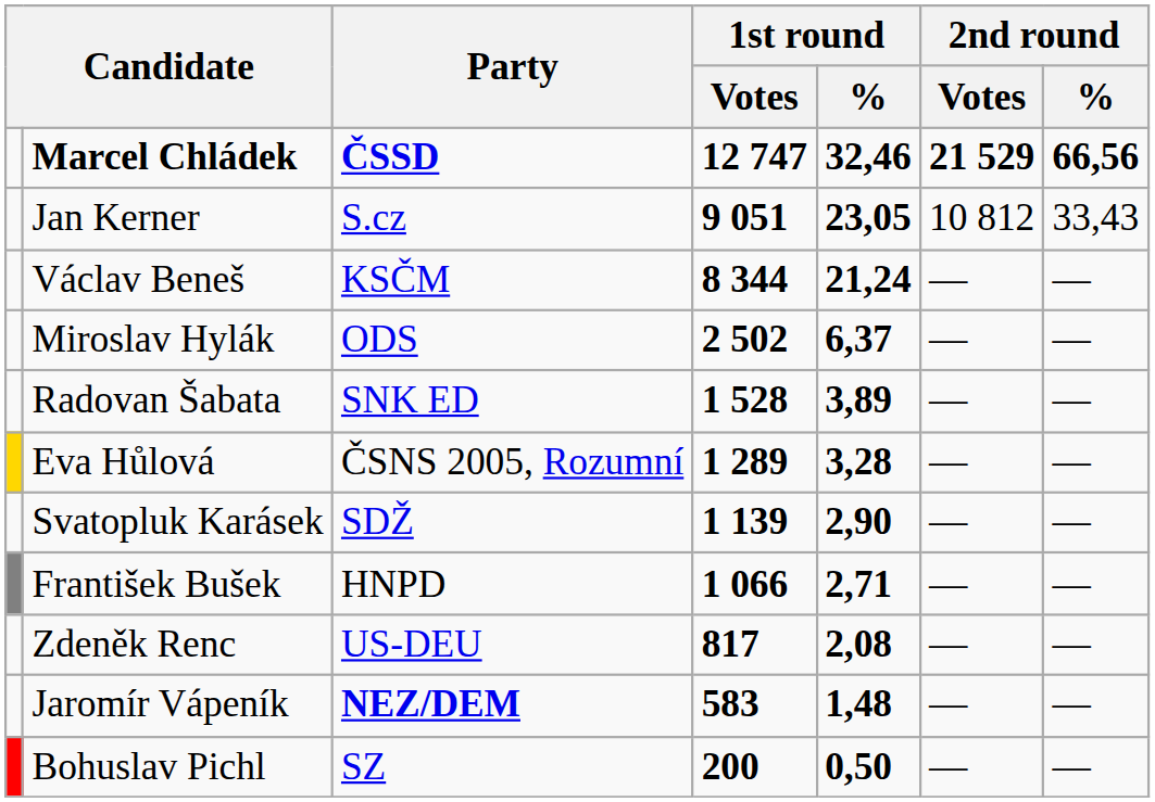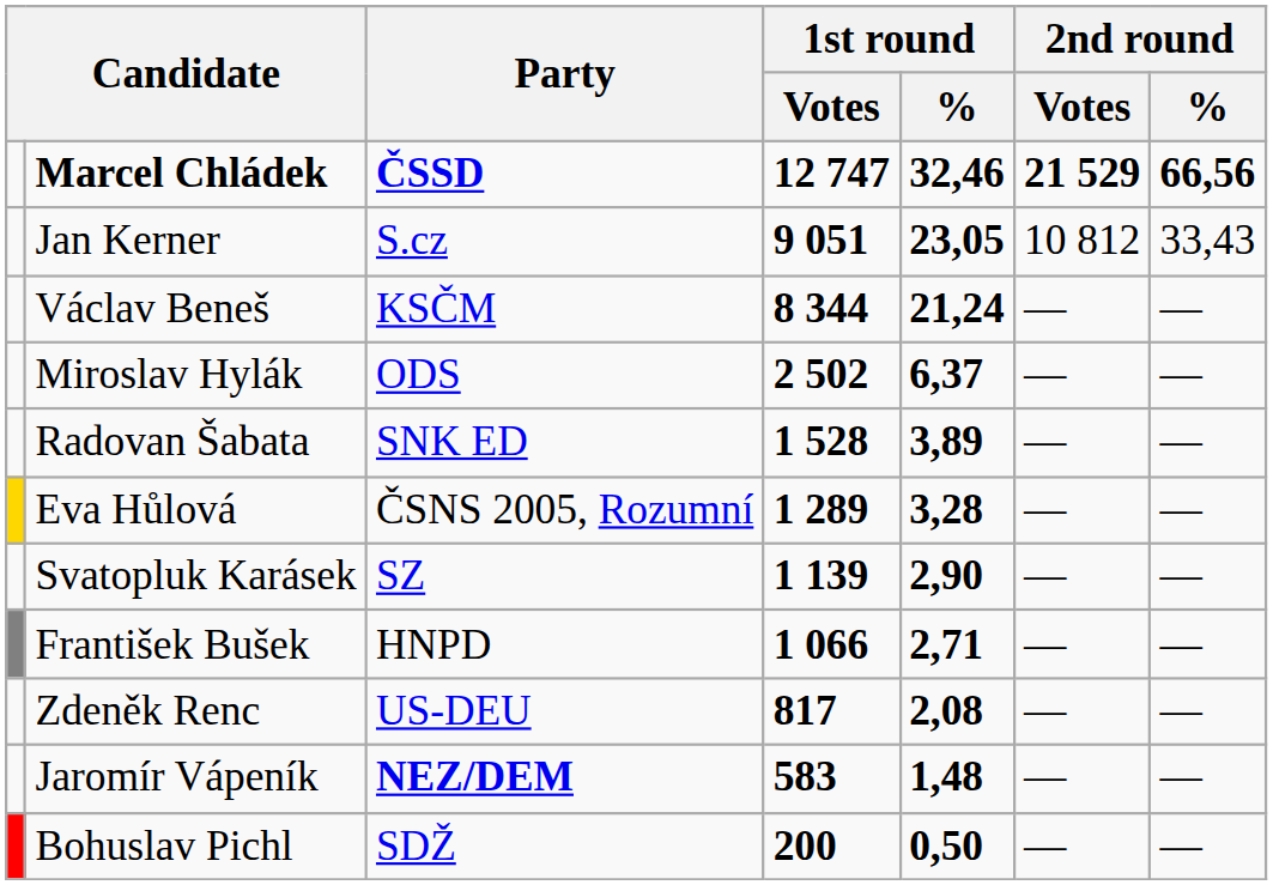 <table class="wikitable sortable">
 <tr>
 <th colspan="2" rowspan="2">Candidate</th>
 <th rowspan="2">Party</th>
 <th colspan="2">1st round</th>
 <th colspan="2">2nd round</th>
 </tr>
 <tr>
 <th>Votes</th>
 <th>%</th>
 <th>Votes</th>
 <th>%</th>
 </tr>
 <tr>
 <td style="background-color:"></td>
 <td><strong>Marcel Chládek</strong></td>
 <td><strong><a href='#'>ČSSD</a></strong></td>
 <td><strong>12 747</strong></td>
 <td><strong>32,46</strong></td>
 <td><strong>21 529</strong></td>
 <td><strong>66,56</strong></td>
 </tr>
 <tr>
 <td style="background-color:"></td>
 <td>Jan Kerner</td>
 <td><a href='#'>S.cz</a></td>
 <td><strong>9 051</strong></td>
 <td><strong>23,05</strong></td>
 <td>10 812</td>
 <td>33,43</td>
 </tr>
 <tr>
 <td style="background-color:"></td>
 <td>Václav Beneš</td>
 <td><a href='#'>KSČM</a></td>
 <td><strong>8 344</strong></td>
 <td><strong>21,24</strong></td>
 <td>—</td>
 <td>—</td>
 </tr>
 <tr>
 <td style="background-color:"></td>
 <td>Miroslav Hylák</td>
 <td><a href='#'>ODS</a></td>
 <td><strong>2 502</strong></td>
 <td><strong>6,37</strong></td>
 <td>—</td>
 <td>—</td>
 </tr>
 <tr>
 <td style="background-color:"></td>
 <td>Radovan Šabata</td>
 <td><a href='#'>SNK ED</a></td>
 <td><strong>1 528</strong></td>
 <td><strong>3,89</strong></td>
 <td>—</td>
 <td>—</td>
 </tr>
 <tr>
 <td style="background-color:gold"></td>
 <td>Eva Hůlová</td>
 <td>ČSNS 2005, <a href='#'>Rozumní</a></td>
 <td><strong>1 289</strong></td>
 <td><strong>3,28</strong></td>
 <td>—</td>
 <td>—</td>
 </tr>
 <tr>
 <td style="background-color:"></td>
 <td>Svatopluk Karásek</td>
-<td><a href='#'>SDŽ</a></td>
+<td><a href='#'>SZ</a></td>
 <td><strong>1 139</strong></td>
 <td><strong>2,90</strong></td>
 <td>—</td>
 <td>—</td>
 </tr>
 <tr>
 <td style="background-color:gray;"></td>
 <td>František Bušek</td>
 <td>HNPD</td>
 <td><strong>1 066</strong></td>
 <td><strong>2,71</strong></td>
 <td>—</td>
 <td>—</td>
 </tr>
 <tr>
 <td style="background-color:"></td>
 <td>Zdeněk Renc</td>
 <td><a href='#'>US-DEU</a></td>
 <td><strong>817</strong></td>
 <td><strong>2,08</strong></td>
 <td>—</td>
 <td>—</td>
 </tr>
 <tr>
 <td style="background-color:"></td>
 <td>Jaromír Vápeník</td>
 <td><strong><a href='#'>NEZ/DEM</a></strong></td>
 <td><strong>583</strong></td>
 <td><strong>1,48</strong></td>
 <td>—</td>
 <td>—</td>
 </tr>
 <tr>
 <td style="background-color:red"></td>
 <td>Bohuslav Pichl</td>
-<td><a href='#'>SZ</a></td>
+<td><a href='#'>SDŽ</a></td>
 <td><strong>200</strong></td>
 <td><strong>0,50</strong></td>
 <td>—</td>
 <td>—</td>
 </tr>
 </table>
